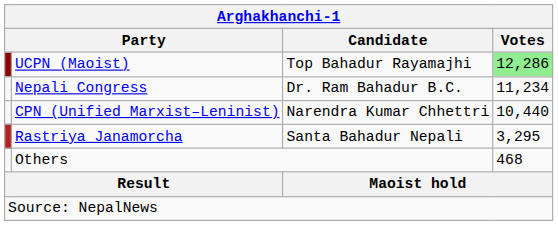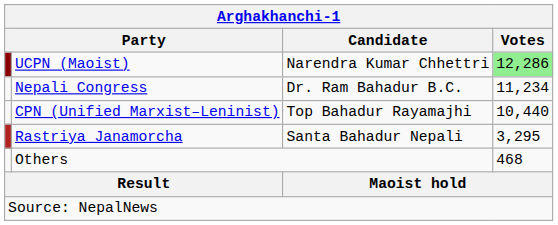 <table class="wikitable">
 <tr>
 <th colspan="4"><a href='#'>Arghakhanchi-1</a></th>
 </tr>
 <tr>
 <th colspan="2">Party</th>
 <th>Candidate</th>
 <th>Votes</th>
 </tr>
 <tr>
 <td style="background-color:darkred"></td>
 <td><a href='#'>UCPN (Maoist)</a></td>
-<td>Top Bahadur Rayamajhi</td>
+<td>Narendra Kumar Chhettri</td>
 <td style="background: lightgreen;">12,286</td>
 </tr>
 <tr>
 <td style="background-color:"></td>
 <td><a href='#'>Nepali Congress</a></td>
 <td>Dr. Ram Bahadur B.C.</td>
 <td>11,234</td>
 </tr>
 <tr>
 <td style="background-color:"></td>
 <td><a href='#'>CPN (Unified Marxist–Leninist)</a></td>
-<td>Narendra Kumar Chhettri</td>
+<td>Top Bahadur Rayamajhi</td>
 <td>10,440</td>
 </tr>
 <tr>
 <td style="background-color:firebrick"></td>
 <td><a href='#'>Rastriya Janamorcha</a></td>
 <td>Santa Bahadur Nepali</td>
 <td>3,295</td>
 </tr>
 <tr>
 <td></td>
 <td colspan="2">Others</td>
 <td>468</td>
 </tr>
 <tr>
 <th colspan="2">Result</th>
 <th colspan="2">Maoist hold</th>
 </tr>
 <tr>
 <td colspan="4">Source: NepalNews</td>
 </tr>
 </table>
